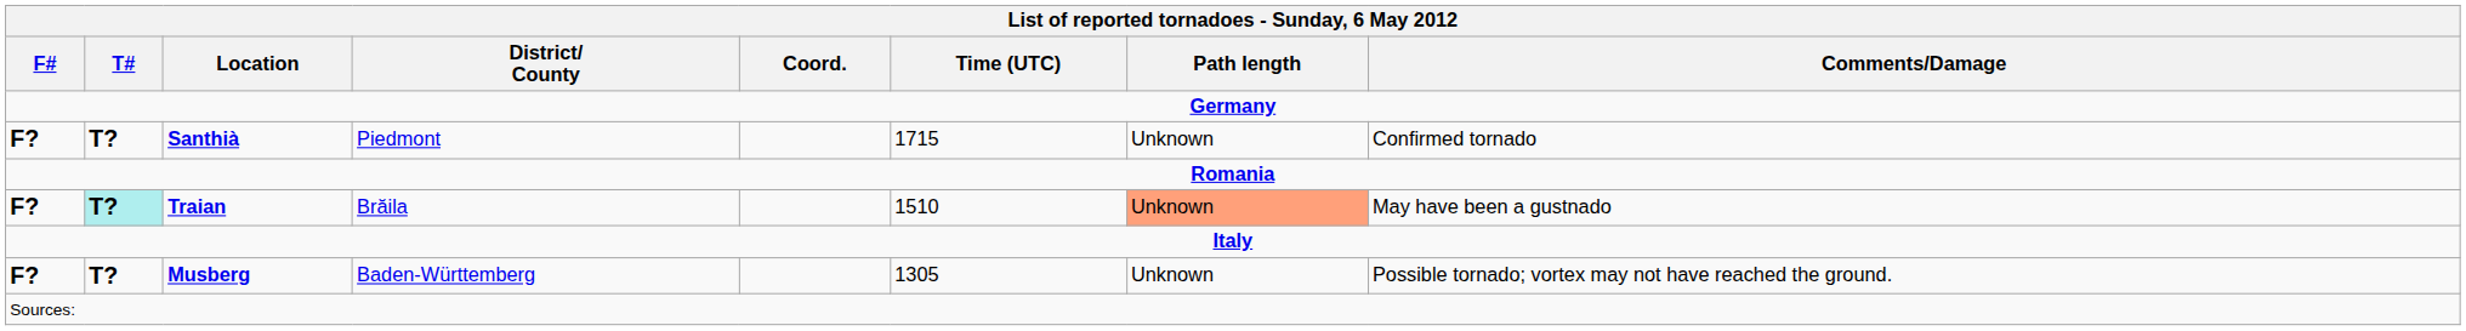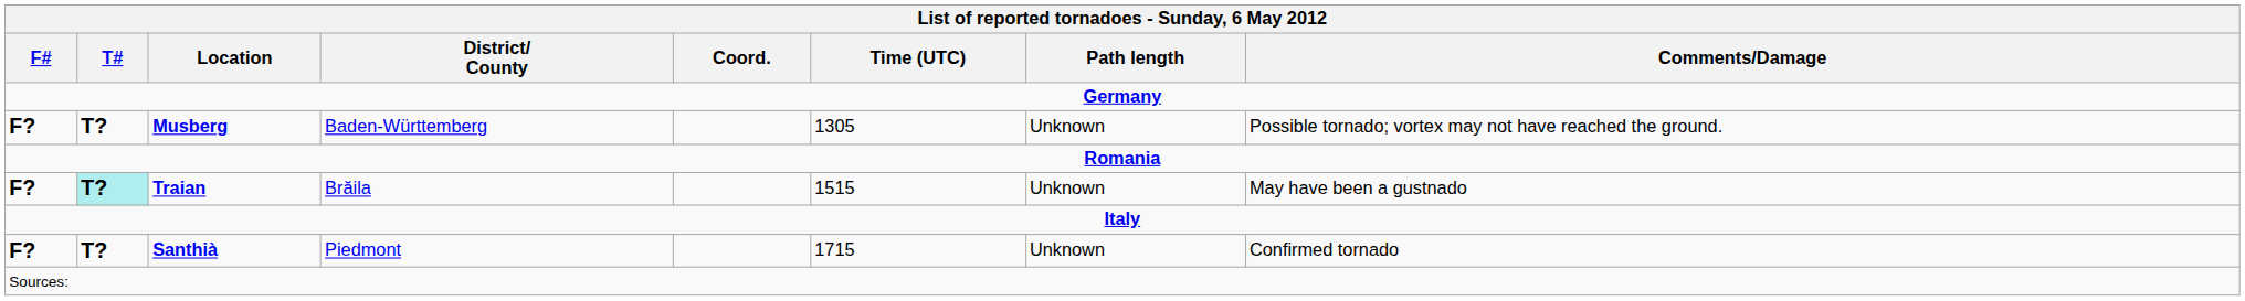 <table class="wikitable collapsible" width="100%">
 <tr>
 <th colspan="8">List of reported tornadoes - Sunday, 6 May 2012</th>
 </tr>
 <tr>
 <th><a href='#'>F#</a></th>
 <th><a href='#'>T#</a></th>
 <th>Location</th>
 <th>District/<br>County</th>
 <th>Coord.</th>
 <th>Time (UTC)</th>
 <th>Path length</th>
 <th>Comments/Damage</th>
 </tr>
 <tr>
 <td colspan="8" align=center><strong><a href='#'>Germany</a></strong></td>
 </tr>
 <tr>
 <td><big><strong>F?</strong></big></td>
 <td><big><strong>T?</strong></big></td>
-<td><strong><a href='#'>Santhià</a></strong></td>
-<td><a href='#'>Piedmont</a></td>
+<td><strong><a href='#'>Musberg</a></strong></td>
+<td><a href='#'>Baden-Württemberg</a></td>
 <td></td>
-<td>1715</td>
+<td>1305</td>
 <td>Unknown</td>
-<td>Confirmed tornado</td>
+<td>Possible tornado; vortex may not have reached the ground.</td>
 </tr>
 <tr>
 <td colspan="8" align=center><strong><a href='#'>Romania</a></strong></td>
 </tr>
 <tr>
 <td><big><strong>F?</strong></big></td>
 <td style="background: paleturquoise;"><big><strong>T?</strong></big></td>
 <td><strong><a href='#'>Traian</a></strong></td>
 <td><a href='#'>Brăila</a></td>
 <td></td>
-<td>1510</td>
-<td style="background: lightsalmon;">Unknown</td>
+<td>1515</td>
+<td>Unknown</td>
 <td>May have been a gustnado</td>
 </tr>
 <tr>
 <td colspan="8" align=center><strong><a href='#'>Italy</a></strong></td>
 </tr>
 <tr>
 <td><big><strong>F?</strong></big></td>
 <td><big><strong>T?</strong></big></td>
-<td><strong><a href='#'>Musberg</a></strong></td>
-<td><a href='#'>Baden-Württemberg</a></td>
+<td><strong><a href='#'>Santhià</a></strong></td>
+<td><a href='#'>Piedmont</a></td>
 <td></td>
-<td>1305</td>
+<td>1715</td>
 <td>Unknown</td>
-<td>Possible tornado; vortex may not have reached the ground.</td>
+<td>Confirmed tornado</td>
 </tr>
 <tr>
 <td colspan="8"><small>Sources:  </small></td>
 </tr>
 </table>
